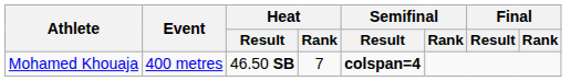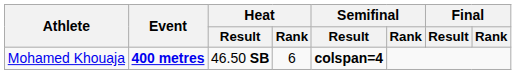 <table class="wikitable" style="font-size:90%">
 <tr>
 <th rowspan="2">Athlete</th>
 <th rowspan="2">Event</th>
 <th colspan="2">Heat</th>
 <th colspan="2">Semifinal</th>
 <th colspan="2">Final</th>
 </tr>
 <tr style="font-size:95%">
 <th>Result</th>
 <th>Rank</th>
 <th>Result</th>
 <th>Rank</th>
 <th>Result</th>
 <th>Rank</th>
 </tr>
 <tr style=text-align:center>
 <td style=text-align:left><a href='#'>Mohamed Khouaja</a></td>
-<td style=text-align:left><a href='#'>400 metres</a></td>
+<td style=text-align:left><strong><a href='#'>400 metres</a></strong></td>
 <td>46.50 <strong>SB</strong></td>
-<td>7</td>
+<td>6</td>
 <td><strong>colspan=4 </strong></td>
 </tr>
 </table>
